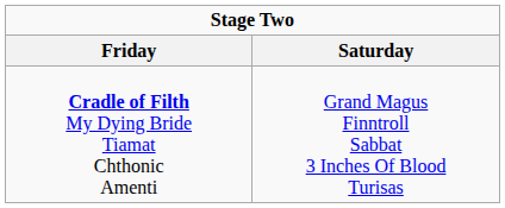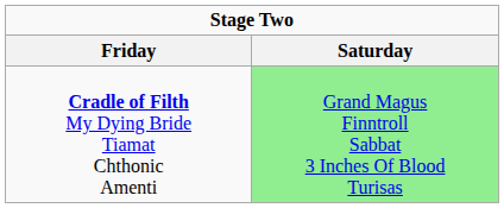 <table class="wikitable">
 <tr>
 <td colspan="2" align="center"><strong>Stage Two</strong></td>
 </tr>
 <tr>
 <th>Friday</th>
 <th>Saturday</th>
 </tr>
 <tr>
 <td valign="top" align="center" width=200><br><strong><a href='#'>Cradle of Filth</a></strong><br> <a href='#'>My Dying Bride</a><br> <a href='#'>Tiamat</a><br> Chthonic<br> Amenti</td>
-<td valign="top" align="center" width=200><br><a href='#'>Grand Magus</a><br> <a href='#'>Finntroll</a><br> <a href='#'>Sabbat</a><br> <a href='#'>3 Inches Of Blood</a><br> <a href='#'>Turisas</a><br></td>
+<td valign="top" align="center" width=200 style="background: lightgreen;"><br><a href='#'>Grand Magus</a><br> <a href='#'>Finntroll</a><br> <a href='#'>Sabbat</a><br> <a href='#'>3 Inches Of Blood</a><br> <a href='#'>Turisas</a><br></td>
 </tr>
 </table>
